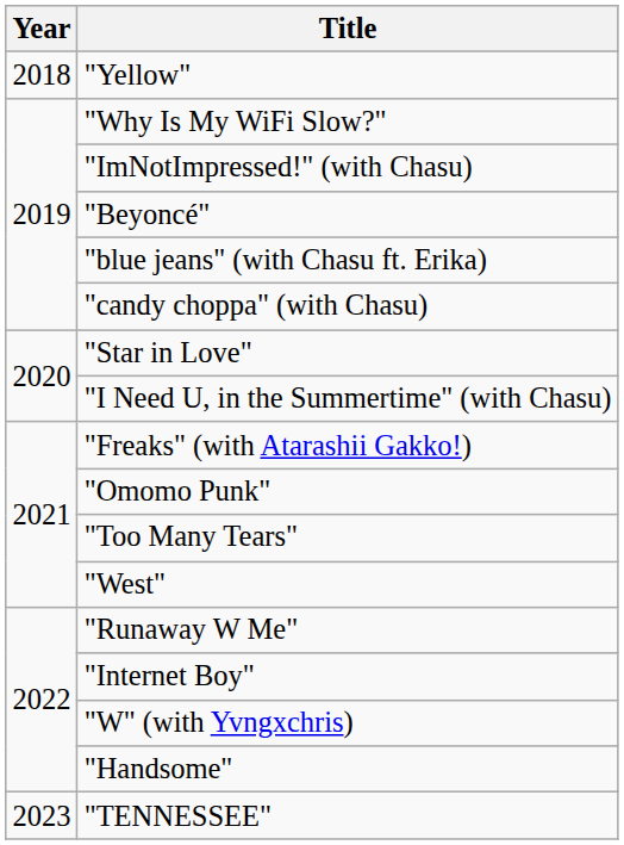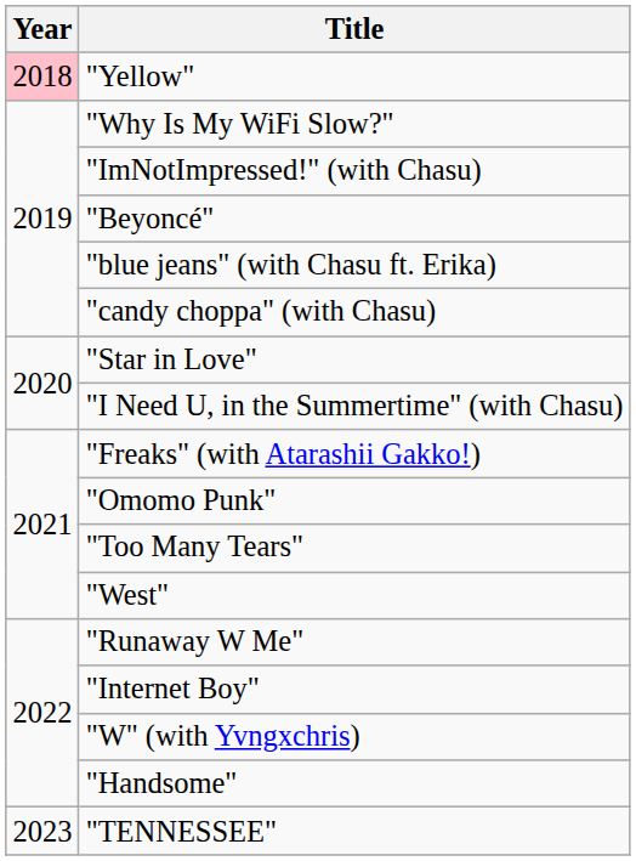 <table class="wikitable">
 <tr>
 <th>Year</th>
 <th>Title</th>
 </tr>
 <tr>
-<td>2018</td>
+<td style="background: pink;">2018</td>
 <td>"Yellow"</td>
 </tr>
 <tr>
 <td rowspan="5">2019</td>
 <td>"Why Is My WiFi Slow?"</td>
 </tr>
 <tr>
 <td>"ImNotImpressed!" (with Chasu)</td>
 </tr>
 <tr>
 <td>"Beyoncé"</td>
 </tr>
 <tr>
 <td>"blue jeans" (with Chasu ft. Erika)</td>
 </tr>
 <tr>
 <td>"candy choppa" (with Chasu)</td>
 </tr>
 <tr>
 <td rowspan="2">2020</td>
 <td>"Star in Love"</td>
 </tr>
 <tr>
 <td>"I Need U, in the Summertime" (with Chasu)</td>
 </tr>
 <tr>
 <td rowspan="4">2021</td>
 <td>"Freaks" (with <a href='#'>Atarashii Gakko!</a>)</td>
 </tr>
 <tr>
 <td>"Omomo Punk"</td>
 </tr>
 <tr>
 <td>"Too Many Tears"</td>
 </tr>
 <tr>
 <td>"West"</td>
 </tr>
 <tr>
 <td rowspan="4">2022</td>
 <td>"Runaway W Me"</td>
 </tr>
 <tr>
 <td>"Internet Boy"</td>
 </tr>
 <tr>
 <td>"W" (with <a href='#'>Yvngxchris</a>)</td>
 </tr>
 <tr>
 <td>"Handsome"</td>
 </tr>
 <tr>
 <td rowspan="1">2023</td>
 <td>"TENNESSEE"</td>
 </tr>
 </table>
